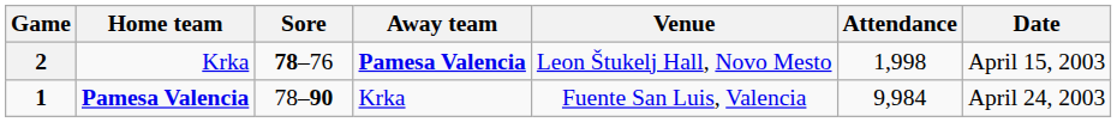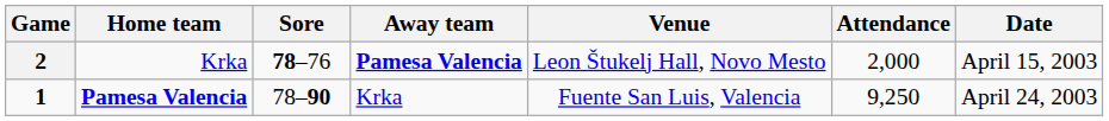 <table class="wikitable" style="text-align:center" cellpadding=1 border=0>
 <tr>
 <th>Game</th>
 <th>Home team</th>
 <th width=60>Sore</th>
 <th>Away team</th>
 <th>Venue</th>
 <th>Attendance</th>
 <th>Date</th>
 </tr>
 <tr>
 <th align=center><strong>2</strong></th>
 <td align=right><a href='#'>Krka</a> </td>
 <td><strong>78</strong>–76</td>
 <td align=left> <strong><a href='#'>Pamesa Valencia</a></strong></td>
 <td><a href='#'>Leon Štukelj Hall</a>, <a href='#'>Novo Mesto</a></td>
-<td>1,998</td>
+<td>2,000</td>
 <td align=left>April 15, 2003</td>
 </tr>
 <tr>
 <td align=center><strong>1</strong></td>
 <td align=right><strong><a href='#'>Pamesa Valencia</a></strong> </td>
 <td>78–<strong>90</strong></td>
 <td align=left> <a href='#'>Krka</a></td>
 <td><a href='#'>Fuente San Luis</a>, <a href='#'>Valencia</a></td>
-<td>9,984</td>
+<td>9,250</td>
 <td align=left>April 24, 2003</td>
 </tr>
 </table>
